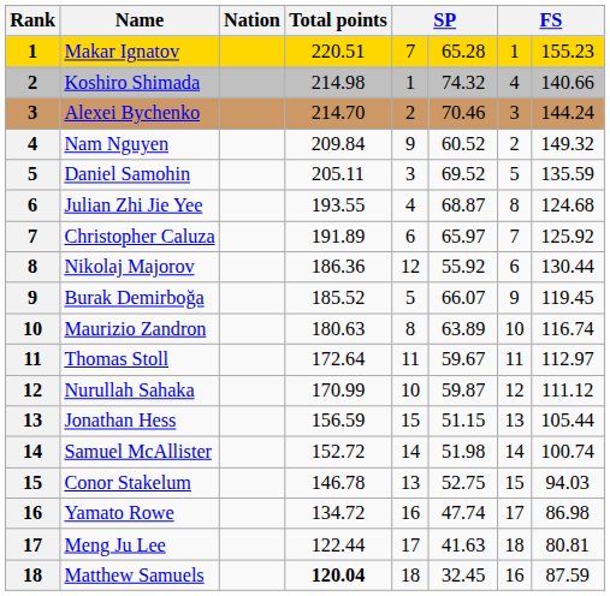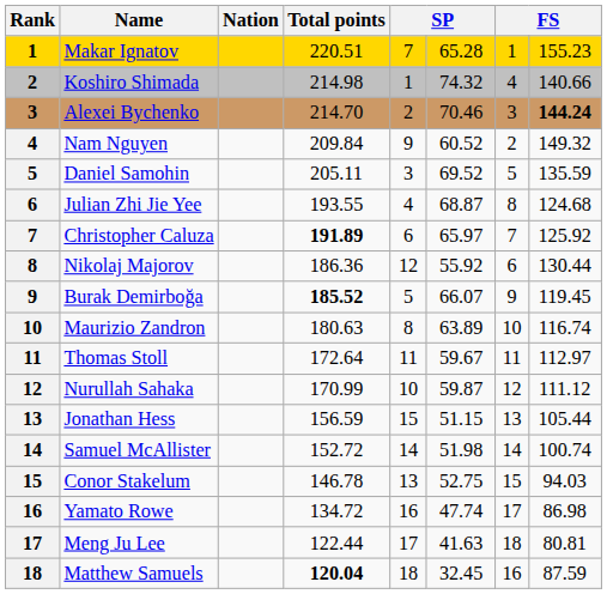 <table class="wikitable sortable">
 <tr>
 <th>Rank</th>
 <th>Name</th>
 <th>Nation</th>
 <th>Total points</th>
 <th colspan="2" width="80px"><a href='#'>SP</a></th>
 <th colspan="2" width="80px"><a href='#'>FS</a></th>
 </tr>
 <tr bgcolor="gold">
 <td align="center"><strong>1</strong></td>
 <td><a href='#'>Makar Ignatov</a></td>
 <td></td>
 <td align="center">220.51</td>
 <td align="center">7</td>
 <td align="center">65.28</td>
 <td align="center">1</td>
 <td align="center">155.23</td>
 </tr>
 <tr bgcolor="silver">
 <td align="center"><strong>2</strong></td>
 <td><a href='#'>Koshiro Shimada</a></td>
 <td></td>
 <td align="center">214.98</td>
 <td align="center">1</td>
 <td align="center">74.32</td>
 <td align="center">4</td>
 <td align="center">140.66</td>
 </tr>
 <tr bgcolor="cc9966">
 <td align="center"><strong>3</strong></td>
 <td><a href='#'>Alexei Bychenko</a></td>
 <td></td>
 <td align="center">214.70</td>
 <td align="center">2</td>
 <td align="center">70.46</td>
 <td align="center">3</td>
-<td align="center">144.24</td>
+<td align="center"><strong>144.24</strong></td>
 </tr>
 <tr>
 <th>4</th>
 <td><a href='#'>Nam Nguyen</a></td>
 <td></td>
 <td align="center">209.84</td>
 <td align="center">9</td>
 <td align="center">60.52</td>
 <td align="center">2</td>
 <td align="center">149.32</td>
 </tr>
 <tr>
 <th>5</th>
 <td><a href='#'>Daniel Samohin</a></td>
 <td></td>
 <td align="center">205.11</td>
 <td align="center">3</td>
 <td align="center">69.52</td>
 <td align="center">5</td>
 <td align="center">135.59</td>
 </tr>
 <tr>
 <th>6</th>
 <td><a href='#'>Julian Zhi Jie Yee</a></td>
 <td></td>
 <td align="center">193.55</td>
 <td align="center">4</td>
 <td align="center">68.87</td>
 <td align="center">8</td>
 <td align="center">124.68</td>
 </tr>
 <tr>
 <th>7</th>
 <td><a href='#'>Christopher Caluza</a></td>
 <td></td>
-<td align="center">191.89</td>
+<td align="center"><strong>191.89</strong></td>
 <td align="center">6</td>
 <td align="center">65.97</td>
 <td align="center">7</td>
 <td align="center">125.92</td>
 </tr>
 <tr>
 <th>8</th>
 <td><a href='#'>Nikolaj Majorov</a></td>
 <td></td>
 <td align="center">186.36</td>
 <td align="center">12</td>
 <td align="center">55.92</td>
 <td align="center">6</td>
 <td align="center">130.44</td>
 </tr>
 <tr>
 <th>9</th>
 <td><a href='#'>Burak Demirboğa</a></td>
 <td></td>
-<td align="center">185.52</td>
+<td align="center"><strong>185.52</strong></td>
 <td align="center">5</td>
 <td align="center">66.07</td>
 <td align="center">9</td>
 <td align="center">119.45</td>
 </tr>
 <tr>
 <th>10</th>
 <td><a href='#'>Maurizio Zandron</a></td>
 <td></td>
 <td align="center">180.63</td>
 <td align="center">8</td>
 <td align="center">63.89</td>
 <td align="center">10</td>
 <td align="center">116.74</td>
 </tr>
 <tr>
 <th>11</th>
 <td><a href='#'>Thomas Stoll</a></td>
 <td></td>
 <td align="center">172.64</td>
 <td align="center">11</td>
 <td align="center">59.67</td>
 <td align="center">11</td>
 <td align="center">112.97</td>
 </tr>
 <tr>
 <th>12</th>
 <td><a href='#'>Nurullah Sahaka</a></td>
 <td></td>
 <td align="center">170.99</td>
 <td align="center">10</td>
 <td align="center">59.87</td>
 <td align="center">12</td>
 <td align="center">111.12</td>
 </tr>
 <tr>
 <th>13</th>
 <td><a href='#'>Jonathan Hess</a></td>
 <td></td>
 <td align="center">156.59</td>
 <td align="center">15</td>
 <td align="center">51.15</td>
 <td align="center">13</td>
 <td align="center">105.44</td>
 </tr>
 <tr>
 <th>14</th>
 <td><a href='#'>Samuel McAllister</a></td>
 <td></td>
 <td align="center">152.72</td>
 <td align="center">14</td>
 <td align="center">51.98</td>
 <td align="center">14</td>
 <td align="center">100.74</td>
 </tr>
 <tr>
 <th>15</th>
 <td><a href='#'>Conor Stakelum</a></td>
 <td></td>
 <td align="center">146.78</td>
 <td align="center">13</td>
 <td align="center">52.75</td>
 <td align="center">15</td>
 <td align="center">94.03</td>
 </tr>
 <tr>
 <th>16</th>
 <td><a href='#'>Yamato Rowe</a></td>
 <td></td>
 <td align="center">134.72</td>
 <td align="center">16</td>
 <td align="center">47.74</td>
 <td align="center">17</td>
 <td align="center">86.98</td>
 </tr>
 <tr>
 <th>17</th>
 <td><a href='#'>Meng Ju Lee</a></td>
 <td></td>
 <td align="center">122.44</td>
 <td align="center">17</td>
 <td align="center">41.63</td>
 <td align="center">18</td>
 <td align="center">80.81</td>
 </tr>
 <tr>
 <th>18</th>
 <td><a href='#'>Matthew Samuels</a></td>
 <td></td>
 <td align="center"><strong>120.04</strong></td>
 <td align="center">18</td>
 <td align="center">32.45</td>
 <td align="center">16</td>
 <td align="center">87.59</td>
 </tr>
 </table>
